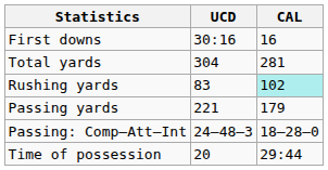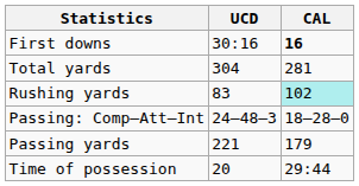 <table class="wikitable" style="float: left;">
 <tr>
 <th>Statistics</th>
 <th>UCD</th>
 <th>CAL</th>
 </tr>
 <tr>
 <td>First downs</td>
 <td>30:16</td>
-<td>16</td>
+<td><strong>16</strong></td>
 </tr>
 <tr>
 <td>Total yards</td>
 <td>304</td>
 <td>281</td>
 </tr>
 <tr>
 <td>Rushing yards</td>
 <td>83</td>
 <td style="background: paleturquoise;">102</td>
 </tr>
 <tr>
+<td>Passing: Comp–Att–Int</td>
+<td>24–48–3</td>
+<td>18–28–0</td>
+</tr>
+<tr>
 <td>Passing yards</td>
 <td>221</td>
 <td>179</td>
-</tr>
-<tr>
-<td>Passing: Comp–Att–Int</td>
-<td>24–48–3</td>
-<td>18–28–0</td>
 </tr>
 <tr>
 <td>Time of possession</td>
 <td>20</td>
 <td>29:44</td>
 </tr>
 <tr>
 </tr>
 </table>
